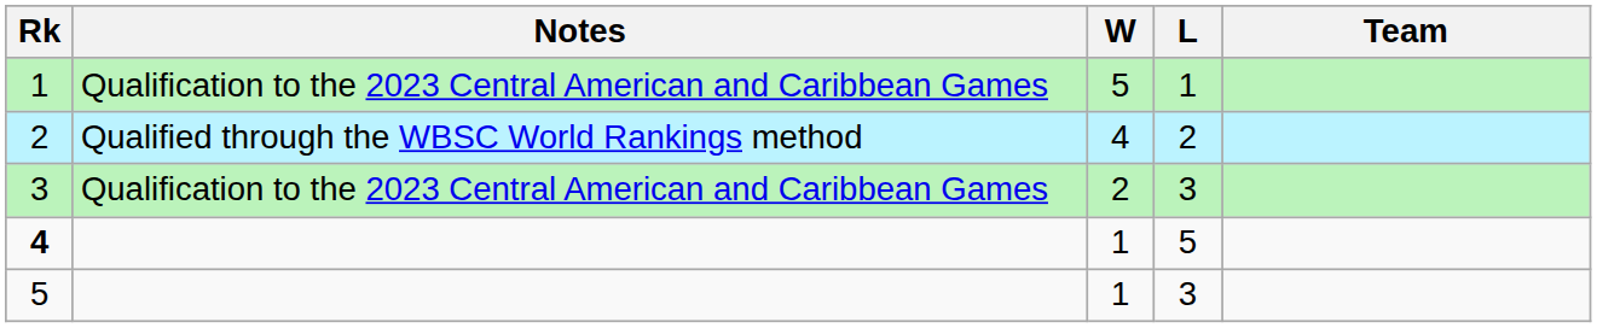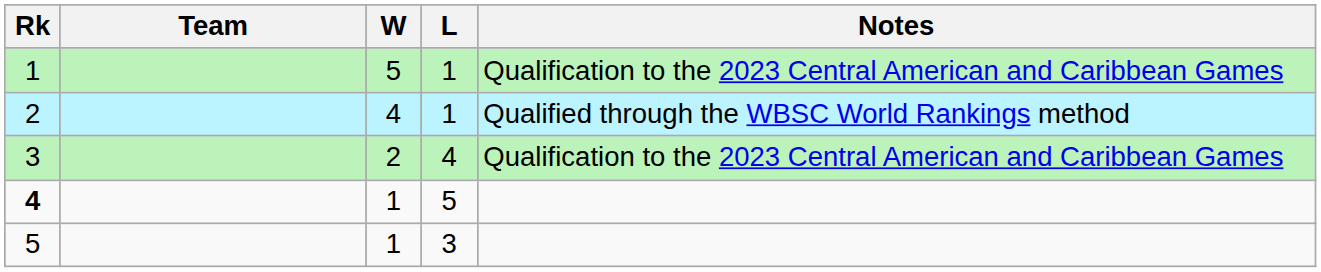 <table class=wikitable style=text-align:center>
 <tr>
 <th width=25>Rk</th>
-<th width=175 style=width:30em>Notes</th>
+<th width=170>Team</th>
 <th width=25>W</th>
 <th width=25>L</th>
-<th width=170>Team</th>
+<th width=175 style=width:30em>Notes</th>
 </tr>
 <tr style="background-color:#BBF3BB">
 <td>1</td>
-<td align="left">Qualification to the <a href='#'>2023 Central American and Caribbean Games</a></td>
+<td align="left"></td>
 <td>5</td>
 <td>1</td>
-<td align="left"></td>
+<td align="left">Qualification to the <a href='#'>2023 Central American and Caribbean Games</a></td>
 </tr>
 <tr style="background-color:#BBF3FF">
 <td>2</td>
+<td align="left"></td>
+<td>4</td>
+<td>1</td>
 <td align="left">Qualified through the <a href='#'>WBSC World Rankings</a> method</td>
-<td>4</td>
-<td>2</td>
-<td align="left"></td>
 </tr>
 <tr style="background-color:#BBF3BB">
 <td>3</td>
+<td align="left"></td>
+<td>2</td>
+<td>4</td>
 <td align="left">Qualification to the <a href='#'>2023 Central American and Caribbean Games</a></td>
-<td>2</td>
-<td>3</td>
-<td align="left"></td>
 </tr>
 <tr>
 <td><strong>4</strong></td>
-<td> </td>
+<td align="left"></td>
 <td>1</td>
 <td>5</td>
-<td align="left"></td>
+<td> </td>
 </tr>
 <tr>
 <td>5</td>
-<td> </td>
+<td align="left"></td>
 <td>1</td>
 <td>3</td>
-<td align="left"></td>
+<td> </td>
 </tr>
 </table>
